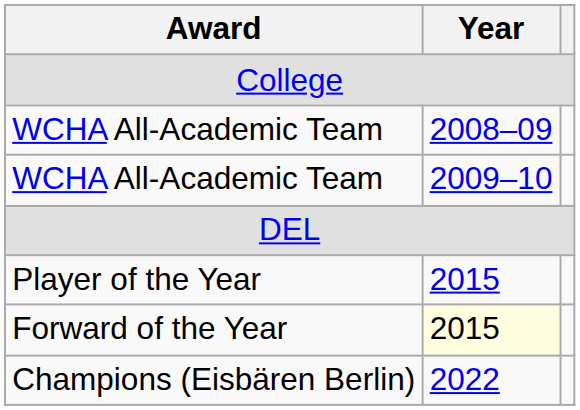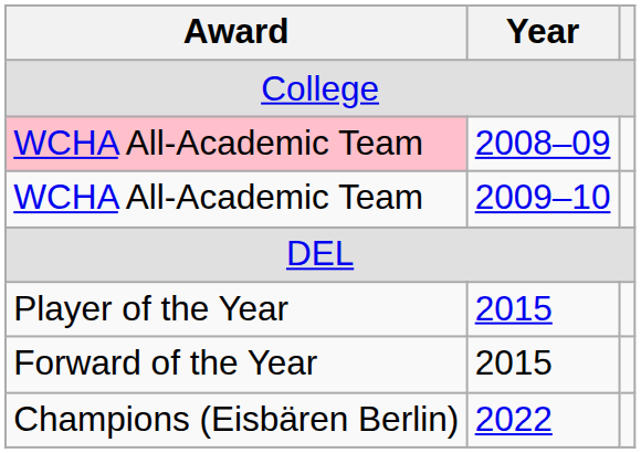 <table class="wikitable">
 <tr>
 <th>Award</th>
 <th>Year</th>
 <th></th>
 </tr>
 <tr ALIGN="center" bgcolor="#e0e0e0">
 <td colspan="3"><a href='#'>College</a></td>
 </tr>
 <tr>
-<td><a href='#'>WCHA</a> All-Academic Team</td>
+<td style="background: pink;"><a href='#'>WCHA</a> All-Academic Team</td>
 <td><a href='#'>2008–09</a></td>
 <td></td>
 </tr>
 <tr>
 <td><a href='#'>WCHA</a> All-Academic Team</td>
 <td><a href='#'>2009–10</a></td>
 <td></td>
 </tr>
 <tr ALIGN="center" bgcolor="#e0e0e0">
 <td colspan="3"><a href='#'>DEL</a></td>
 </tr>
 <tr>
 <td>Player of the Year</td>
 <td><a href='#'>2015</a></td>
 <td></td>
 </tr>
 <tr>
 <td>Forward of the Year</td>
-<td style="background: lightyellow;">2015</td>
+<td>2015</td>
 <td></td>
 </tr>
 <tr>
 <td>Champions (Eisbären Berlin)</td>
 <td><a href='#'>2022</a></td>
 <td></td>
 </tr>
 </table>
